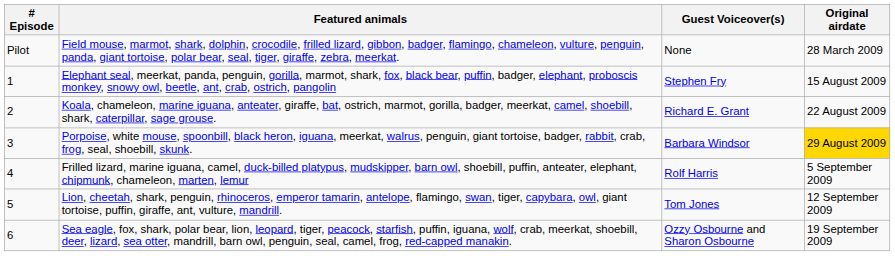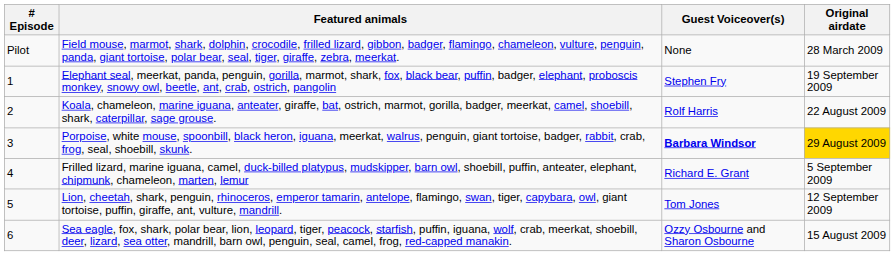 <table class="wikitable">
 <tr>
 <th># Episode</th>
 <th>Featured animals</th>
 <th>Guest Voiceover(s)</th>
 <th>Original airdate</th>
 </tr>
 <tr>
 <td>Pilot</td>
 <td><a href='#'>Field mouse</a>, <a href='#'>marmot</a>, <a href='#'>shark</a>, <a href='#'>dolphin</a>, <a href='#'>crocodile</a>, <a href='#'>frilled lizard</a>, <a href='#'>gibbon</a>, <a href='#'>badger</a>, <a href='#'>flamingo</a>, <a href='#'>chameleon</a>, <a href='#'>vulture</a>, <a href='#'>penguin</a>, <a href='#'>panda</a>, <a href='#'>giant tortoise</a>, <a href='#'>polar bear</a>, <a href='#'>seal</a>, <a href='#'>tiger</a>, <a href='#'>giraffe</a>, <a href='#'>zebra</a>, <a href='#'>meerkat</a>.</td>
 <td>None</td>
 <td>28 March 2009</td>
 </tr>
 <tr>
 <td>1</td>
 <td><a href='#'>Elephant seal</a>, meerkat, panda, penguin, <a href='#'>gorilla</a>, marmot, shark, <a href='#'>fox</a>, <a href='#'>black bear</a>, <a href='#'>puffin</a>, badger, <a href='#'>elephant</a>, <a href='#'>proboscis monkey</a>, <a href='#'>snowy owl</a>, <a href='#'>beetle</a>, <a href='#'>ant</a>, <a href='#'>crab</a>, <a href='#'>ostrich</a>, <a href='#'>pangolin</a></td>
 <td><a href='#'>Stephen Fry</a></td>
-<td>15 August 2009</td>
+<td>19 September 2009</td>
 </tr>
 <tr>
 <td>2</td>
 <td><a href='#'>Koala</a>, chameleon, <a href='#'>marine iguana</a>, <a href='#'>anteater</a>, giraffe, <a href='#'>bat</a>, ostrich, marmot, gorilla, badger, meerkat, <a href='#'>camel</a>, <a href='#'>shoebill</a>, shark, <a href='#'>caterpillar</a>, <a href='#'>sage grouse</a>.</td>
-<td><a href='#'>Richard E. Grant</a></td>
+<td><a href='#'>Rolf Harris</a></td>
 <td>22 August 2009</td>
 </tr>
 <tr>
 <td>3</td>
 <td><a href='#'>Porpoise</a>, white <a href='#'>mouse</a>, <a href='#'>spoonbill</a>, <a href='#'>black heron</a>, <a href='#'>iguana</a>, meerkat, <a href='#'>walrus</a>, penguin, giant tortoise, badger, <a href='#'>rabbit</a>, crab, <a href='#'>frog</a>, seal, shoebill, <a href='#'>skunk</a>.</td>
-<td><a href='#'>Barbara Windsor</a></td>
+<td><strong><a href='#'>Barbara Windsor</a></strong></td>
 <td style="background: gold;">29 August 2009</td>
 </tr>
 <tr>
 <td>4</td>
 <td>Frilled lizard, marine iguana, camel, <a href='#'>duck-billed platypus</a>, <a href='#'>mudskipper</a>, <a href='#'>barn owl</a>, shoebill, puffin, anteater, elephant, <a href='#'>chipmunk</a>, chameleon, <a href='#'>marten</a>, <a href='#'>lemur</a></td>
-<td><a href='#'>Rolf Harris</a></td>
+<td><a href='#'>Richard E. Grant</a></td>
 <td>5 September 2009</td>
 </tr>
 <tr>
 <td>5</td>
 <td><a href='#'>Lion</a>, <a href='#'>cheetah</a>, shark, penguin, <a href='#'>rhinoceros</a>, <a href='#'>emperor tamarin</a>, <a href='#'>antelope</a>, flamingo, <a href='#'>swan</a>, tiger, <a href='#'>capybara</a>, <a href='#'>owl</a>, giant tortoise, puffin, giraffe, ant, vulture, <a href='#'>mandrill</a>.</td>
 <td><a href='#'>Tom Jones</a></td>
 <td>12 September 2009</td>
 </tr>
 <tr>
 <td>6</td>
 <td><a href='#'>Sea eagle</a>, fox, shark, polar bear, lion, <a href='#'>leopard</a>, tiger, <a href='#'>peacock</a>, <a href='#'>starfish</a>, puffin, iguana, <a href='#'>wolf</a>, crab, meerkat, shoebill, <a href='#'>deer</a>, <a href='#'>lizard</a>, <a href='#'>sea otter</a>, mandrill, barn owl, penguin, seal, camel, frog, <a href='#'>red-capped manakin</a>.</td>
 <td><a href='#'>Ozzy Osbourne</a> and <a href='#'>Sharon Osbourne</a></td>
-<td>19 September 2009</td>
+<td>15 August 2009</td>
 </tr>
 </table>
